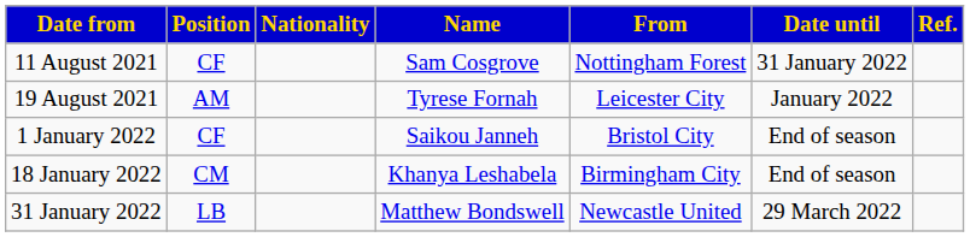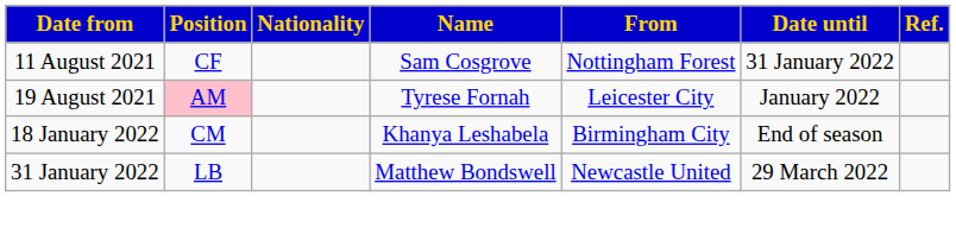 <table class="wikitable"  style="text-align:center; font-size:90%; ">
 <tr>
 <th style="background:mediumblue;color:gold;">Date from</th>
 <th style="background:mediumblue;color:gold;">Position</th>
 <th style="background:mediumblue;color:gold;">Nationality</th>
 <th style="background:mediumblue;color:gold;">Name</th>
 <th style="background:mediumblue;color:gold;">From</th>
 <th style="background:mediumblue;color:gold;">Date until</th>
 <th style="background:mediumblue;color:gold;">Ref.</th>
 </tr>
 <tr>
 <td>11 August 2021</td>
 <td><a href='#'>CF</a></td>
 <td></td>
 <td><a href='#'>Sam Cosgrove</a></td>
 <td> <a href='#'>Nottingham Forest</a></td>
 <td>31 January 2022</td>
 <td></td>
 </tr>
 <tr>
 <td>19 August 2021</td>
-<td><a href='#'>AM</a></td>
+<td style="background: pink;"><a href='#'>AM</a></td>
 <td></td>
 <td><a href='#'>Tyrese Fornah</a></td>
 <td> <a href='#'>Leicester City</a></td>
 <td>January 2022</td>
-<td></td>
-</tr>
-<tr>
-<td>1 January 2022</td>
-<td><a href='#'>CF</a></td>
-<td></td>
-<td><a href='#'>Saikou Janneh</a></td>
-<td> <a href='#'>Bristol City</a></td>
-<td>End of season</td>
 <td></td>
 </tr>
 <tr>
 <td>18 January 2022</td>
 <td><a href='#'>CM</a></td>
 <td></td>
 <td><a href='#'>Khanya Leshabela</a></td>
 <td> <a href='#'>Birmingham City</a></td>
 <td>End of season</td>
 <td></td>
 </tr>
 <tr>
 <td>31 January 2022</td>
 <td><a href='#'>LB</a></td>
 <td></td>
 <td><a href='#'>Matthew Bondswell</a></td>
 <td> <a href='#'>Newcastle United</a></td>
 <td>29 March 2022</td>
 <td></td>
 </tr>
 </table>
